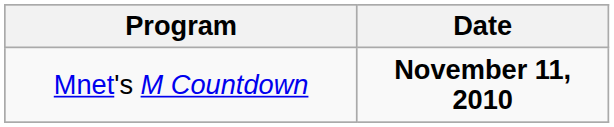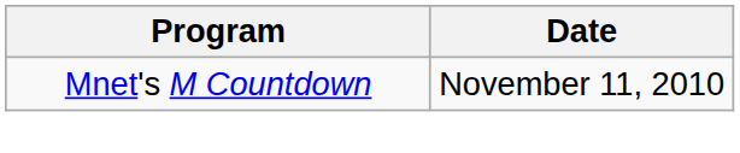 <table class="wikitable" style="text-align:center">
 <tr>
 <th style="width:200px;">Program</th>
 <th style="width:140px;">Date</th>
 </tr>
 <tr>
 <td><a href='#'>Mnet</a>'s <em><a href='#'>M Countdown</a></em></td>
-<td><strong>November 11, 2010</strong></td>
+<td>November 11, 2010</td>
 </tr>
 </table>
